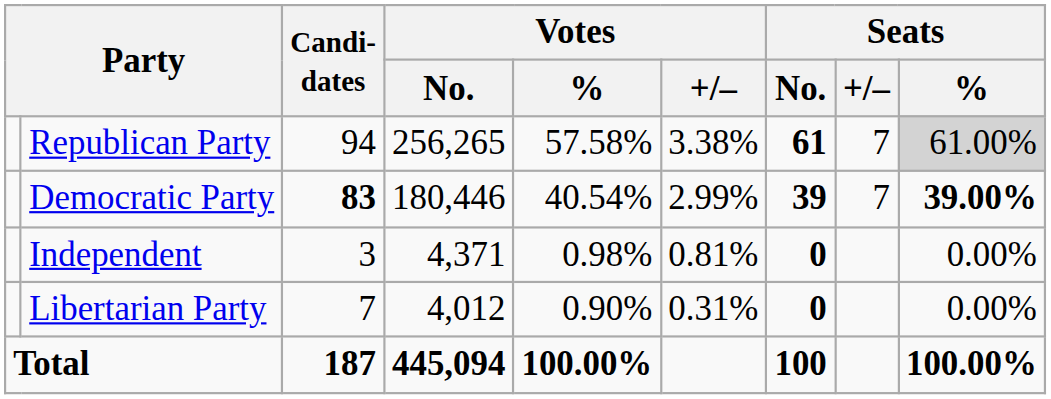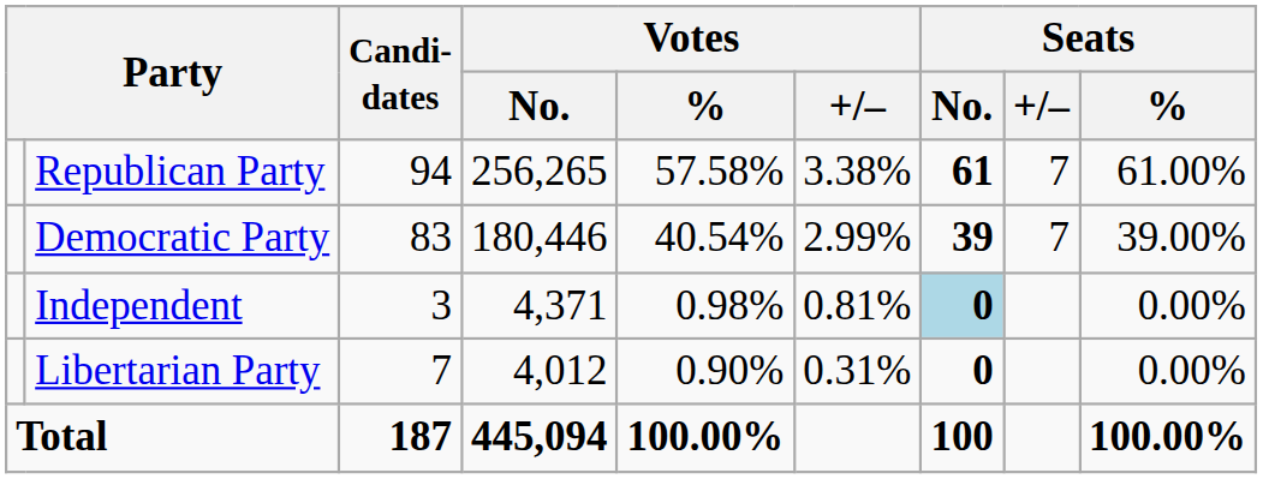 <table class="wikitable" style="font-size:100%; text-align:right;">
 <tr>
 <th colspan=2 rowspan=2>Party</th>
 <th rowspan=2><small>Candi-<br>dates</small></th>
 <th colspan=3>Votes</th>
 <th colspan=3>Seats</th>
 </tr>
 <tr>
 <th>No.</th>
 <th>%</th>
 <th>+/–</th>
 <th>No.</th>
 <th>+/–</th>
 <th>%</th>
 </tr>
 <tr>
 <td style="background:"></td>
 <td style="text-align:left"><a href='#'>Republican Party</a></td>
 <td>94</td>
 <td>256,265</td>
 <td>57.58%</td>
 <td>3.38%</td>
 <td><strong>61</strong></td>
 <td>7</td>
-<td style="background: lightgrey;">61.00%</td>
+<td>61.00%</td>
 </tr>
 <tr>
 <td style="background:"></td>
 <td style="text-align:left"><a href='#'>Democratic Party</a></td>
-<td><strong>83</strong></td>
+<td>83</td>
 <td>180,446</td>
 <td>40.54%</td>
 <td>2.99%</td>
 <td><strong>39</strong></td>
 <td>7</td>
-<td><strong>39.00%</strong></td>
+<td>39.00%</td>
 </tr>
 <tr>
 <td style="background:"></td>
 <td style="text-align:left"><a href='#'>Independent</a></td>
 <td>3</td>
 <td>4,371</td>
 <td>0.98%</td>
 <td>0.81%</td>
-<td><strong>0</strong></td>
+<td style="background: lightblue;"><strong>0</strong></td>
 <td></td>
 <td>0.00%</td>
 </tr>
 <tr>
 <td style="background:"></td>
 <td style="text-align:left"><a href='#'>Libertarian Party</a></td>
 <td>7</td>
 <td>4,012</td>
 <td>0.90%</td>
 <td>0.31%</td>
 <td><strong>0</strong></td>
 <td></td>
 <td>0.00%</td>
 </tr>
 <tr style="font-weight:bold">
 <td colspan=2 style="text-align:left">Total</td>
 <td>187</td>
 <td>445,094</td>
 <td>100.00%</td>
 <td></td>
 <td>100</td>
 <td></td>
 <td>100.00%</td>
 </tr>
 </table>
